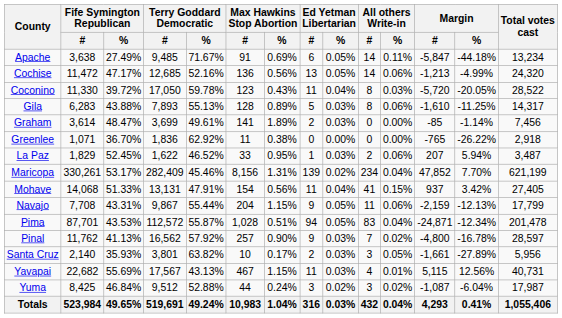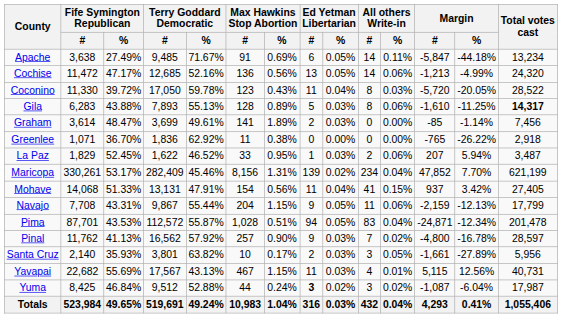 <table class="wikitable sortable">
 <tr>
 <th rowspan="2">County</th>
 <th style="text-align:center;" colspan="2">Fife Symington<br>Republican</th>
 <th style="text-align:center;" colspan="2">Terry Goddard<br>Democratic</th>
 <th style="text-align:center;" colspan="2">Max Hawkins<br>Stop Abortion</th>
 <th style="text-align:center;" colspan="2">Ed Yetman<br>Libertarian</th>
 <th style="text-align:center;" colspan="2">All others <br>Write-in</th>
 <th style="text-align:center;" colspan="2">Margin</th>
 <th style="text-align:center;" rowspan="2">Total votes<br>cast</th>
 </tr>
 <tr>
 <th style="text-align:center;" data-sort-type="number">#</th>
 <th style="text-align:center;" data-sort-type="number">%</th>
 <th style="text-align:center;" data-sort-type="number">#</th>
 <th style="text-align:center;" data-sort-type="number">%</th>
 <th style="text-align:center;" data-sort-type="number">#</th>
 <th style="text-align:center;" data-sort-type="number">%</th>
 <th style="text-align:center;" data-sort-type="number">#</th>
 <th style="text-align:center;" data-sort-type="number">%</th>
 <th style="text-align:center;" data-sort-type="number">#</th>
 <th style="text-align:center;" data-sort-type="number">%</th>
 <th style="text-align:center;" data-sort-type="number">#</th>
 <th style="text-align:center;" data-sort-type="number">%</th>
 </tr>
 <tr style="text-align:center;">
 <td><a href='#'>Apache</a></td>
 <td>3,638</td>
 <td>27.49%</td>
 <td>9,485</td>
 <td>71.67%</td>
 <td>91</td>
 <td>0.69%</td>
 <td>6</td>
 <td>0.05%</td>
 <td>14</td>
 <td>0.11%</td>
 <td>-5,847</td>
 <td>-44.18%</td>
 <td>13,234</td>
 </tr>
 <tr style="text-align:center;">
 <td><a href='#'>Cochise</a></td>
 <td>11,472</td>
 <td>47.17%</td>
 <td>12,685</td>
 <td>52.16%</td>
 <td>136</td>
 <td>0.56%</td>
 <td>13</td>
 <td>0.05%</td>
 <td>14</td>
 <td>0.06%</td>
 <td>-1,213</td>
 <td>-4.99%</td>
 <td>24,320</td>
 </tr>
 <tr style="text-align:center;">
 <td><a href='#'>Coconino</a></td>
 <td>11,330</td>
 <td>39.72%</td>
 <td>17,050</td>
 <td>59.78%</td>
 <td>123</td>
 <td>0.43%</td>
 <td>11</td>
 <td>0.04%</td>
 <td>8</td>
 <td>0.03%</td>
 <td>-5,720</td>
 <td>-20.05%</td>
 <td>28,522</td>
 </tr>
 <tr style="text-align:center;">
 <td><a href='#'>Gila</a></td>
 <td>6,283</td>
 <td>43.88%</td>
 <td>7,893</td>
 <td>55.13%</td>
 <td>128</td>
 <td>0.89%</td>
 <td>5</td>
 <td>0.03%</td>
 <td>8</td>
 <td>0.06%</td>
 <td>-1,610</td>
 <td>-11.25%</td>
-<td>14,317</td>
+<td><strong>14,317</strong></td>
 </tr>
 <tr style="text-align:center;">
 <td><a href='#'>Graham</a></td>
 <td>3,614</td>
 <td>48.47%</td>
 <td>3,699</td>
 <td>49.61%</td>
 <td>141</td>
 <td>1.89%</td>
 <td>2</td>
 <td>0.03%</td>
 <td>0</td>
 <td>0.00%</td>
 <td>-85</td>
 <td>-1.14%</td>
 <td>7,456</td>
 </tr>
 <tr style="text-align:center;">
 <td><a href='#'>Greenlee</a></td>
 <td>1,071</td>
 <td>36.70%</td>
 <td>1,836</td>
 <td>62.92%</td>
 <td>11</td>
 <td>0.38%</td>
 <td>0</td>
 <td>0.00%</td>
 <td>0</td>
 <td>0.00%</td>
 <td>-765</td>
 <td>-26.22%</td>
 <td>2,918</td>
 </tr>
 <tr style="text-align:center;">
 <td><a href='#'>La Paz</a></td>
 <td>1,829</td>
 <td>52.45%</td>
 <td>1,622</td>
 <td>46.52%</td>
 <td>33</td>
 <td>0.95%</td>
 <td>1</td>
 <td>0.03%</td>
 <td>2</td>
 <td>0.06%</td>
 <td>207</td>
 <td>5.94%</td>
 <td>3,487</td>
 </tr>
 <tr style="text-align:center;">
 <td><a href='#'>Maricopa</a></td>
 <td>330,261</td>
 <td>53.17%</td>
 <td>282,409</td>
 <td>45.46%</td>
 <td>8,156</td>
 <td>1.31%</td>
 <td>139</td>
 <td>0.02%</td>
 <td>234</td>
 <td>0.04%</td>
 <td>47,852</td>
 <td>7.70%</td>
 <td>621,199</td>
 </tr>
 <tr style="text-align:center;">
 <td><a href='#'>Mohave</a></td>
 <td>14,068</td>
 <td>51.33%</td>
 <td>13,131</td>
 <td>47.91%</td>
 <td>154</td>
 <td>0.56%</td>
 <td>11</td>
 <td>0.04%</td>
 <td>41</td>
 <td>0.15%</td>
 <td>937</td>
 <td>3.42%</td>
 <td>27,405</td>
 </tr>
 <tr style="text-align:center;">
 <td><a href='#'>Navajo</a></td>
 <td>7,708</td>
 <td>43.31%</td>
 <td>9,867</td>
 <td>55.44%</td>
 <td>204</td>
 <td>1.15%</td>
 <td>9</td>
 <td>0.05%</td>
 <td>11</td>
 <td>0.06%</td>
 <td>-2,159</td>
 <td>-12.13%</td>
 <td>17,799</td>
 </tr>
 <tr style="text-align:center;">
 <td><a href='#'>Pima</a></td>
 <td>87,701</td>
 <td>43.53%</td>
 <td>112,572</td>
 <td>55.87%</td>
 <td>1,028</td>
 <td>0.51%</td>
 <td>94</td>
 <td>0.05%</td>
 <td>83</td>
 <td>0.04%</td>
 <td>-24,871</td>
 <td>-12.34%</td>
 <td>201,478</td>
 </tr>
 <tr style="text-align:center;">
 <td><a href='#'>Pinal</a></td>
 <td>11,762</td>
 <td>41.13%</td>
 <td>16,562</td>
 <td>57.92%</td>
 <td>257</td>
 <td>0.90%</td>
 <td>9</td>
 <td>0.03%</td>
 <td>7</td>
 <td>0.02%</td>
 <td>-4,800</td>
 <td>-16.78%</td>
 <td>28,597</td>
 </tr>
 <tr style="text-align:center;">
 <td><a href='#'>Santa Cruz</a></td>
 <td>2,140</td>
 <td>35.93%</td>
 <td>3,801</td>
 <td>63.82%</td>
 <td>10</td>
 <td>0.17%</td>
 <td>2</td>
 <td>0.03%</td>
 <td>3</td>
 <td>0.05%</td>
 <td>-1,661</td>
 <td>-27.89%</td>
 <td>5,956</td>
 </tr>
 <tr style="text-align:center;">
 <td><a href='#'>Yavapai</a></td>
 <td>22,682</td>
 <td>55.69%</td>
 <td>17,567</td>
 <td>43.13%</td>
 <td>467</td>
 <td>1.15%</td>
 <td>11</td>
 <td>0.03%</td>
 <td>4</td>
 <td>0.01%</td>
 <td>5,115</td>
 <td>12.56%</td>
 <td>40,731</td>
 </tr>
 <tr style="text-align:center;">
 <td><a href='#'>Yuma</a></td>
 <td>8,425</td>
 <td>46.84%</td>
 <td>9,512</td>
 <td>52.88%</td>
 <td>44</td>
 <td>0.24%</td>
-<td>3</td>
+<td><strong>3</strong></td>
 <td>0.02%</td>
 <td>3</td>
 <td>0.02%</td>
 <td>-1,087</td>
 <td>-6.04%</td>
 <td>17,987</td>
 </tr>
 <tr style="text-align:center;">
 <th>Totals</th>
 <th>523,984</th>
 <th>49.65%</th>
 <th>519,691</th>
 <th>49.24%</th>
 <th>10,983</th>
 <th>1.04%</th>
 <th>316</th>
 <th>0.03%</th>
 <th>432</th>
 <th>0.04%</th>
 <th>4,293</th>
 <th>0.41%</th>
 <th>1,055,406</th>
 </tr>
 </table>
